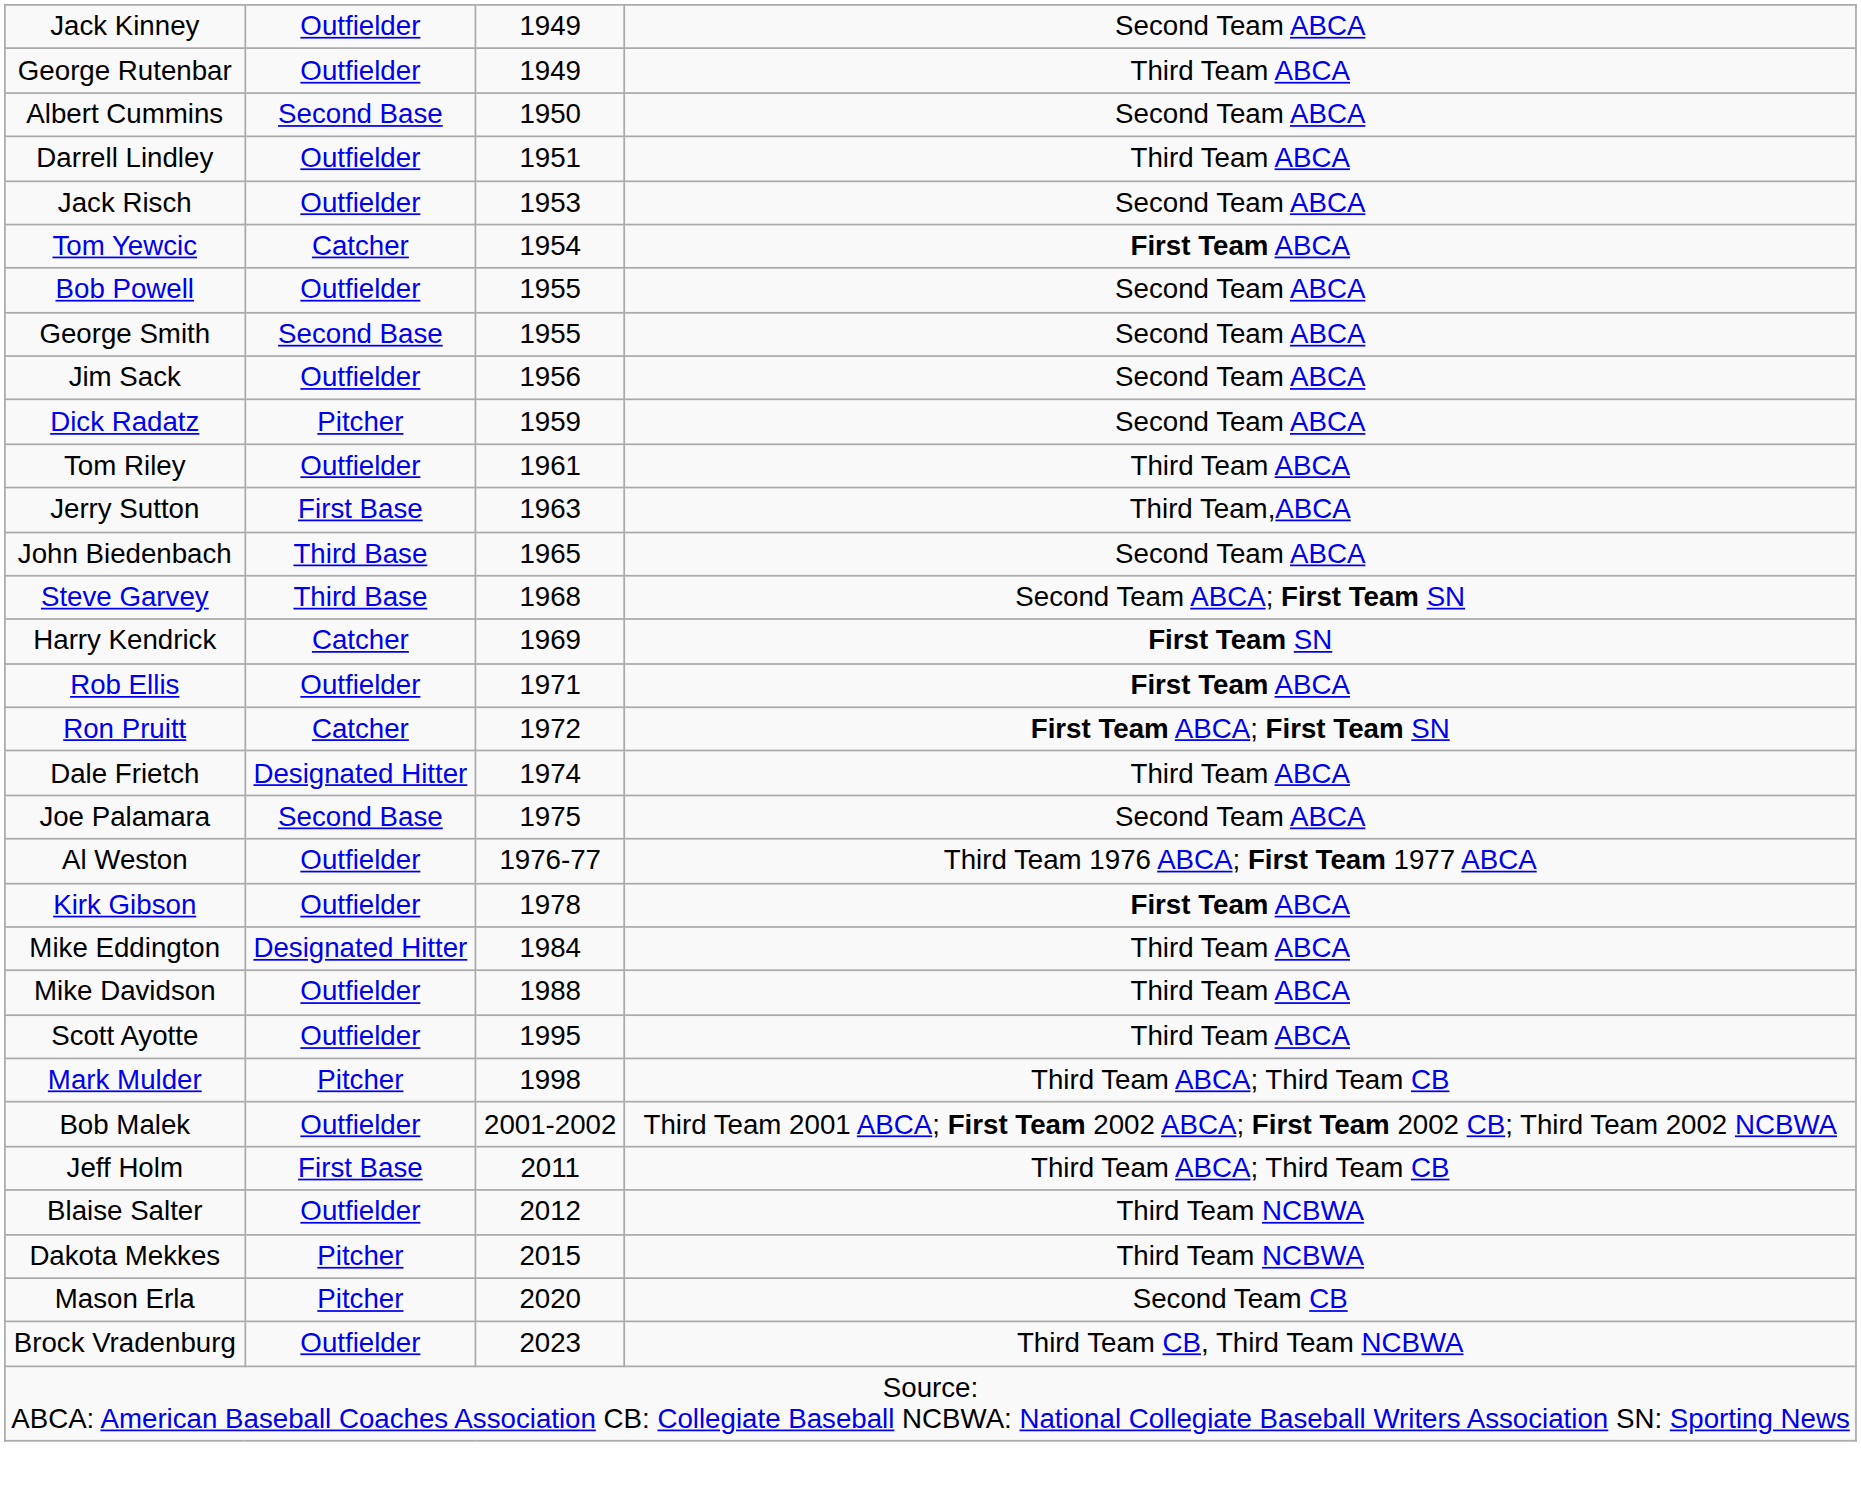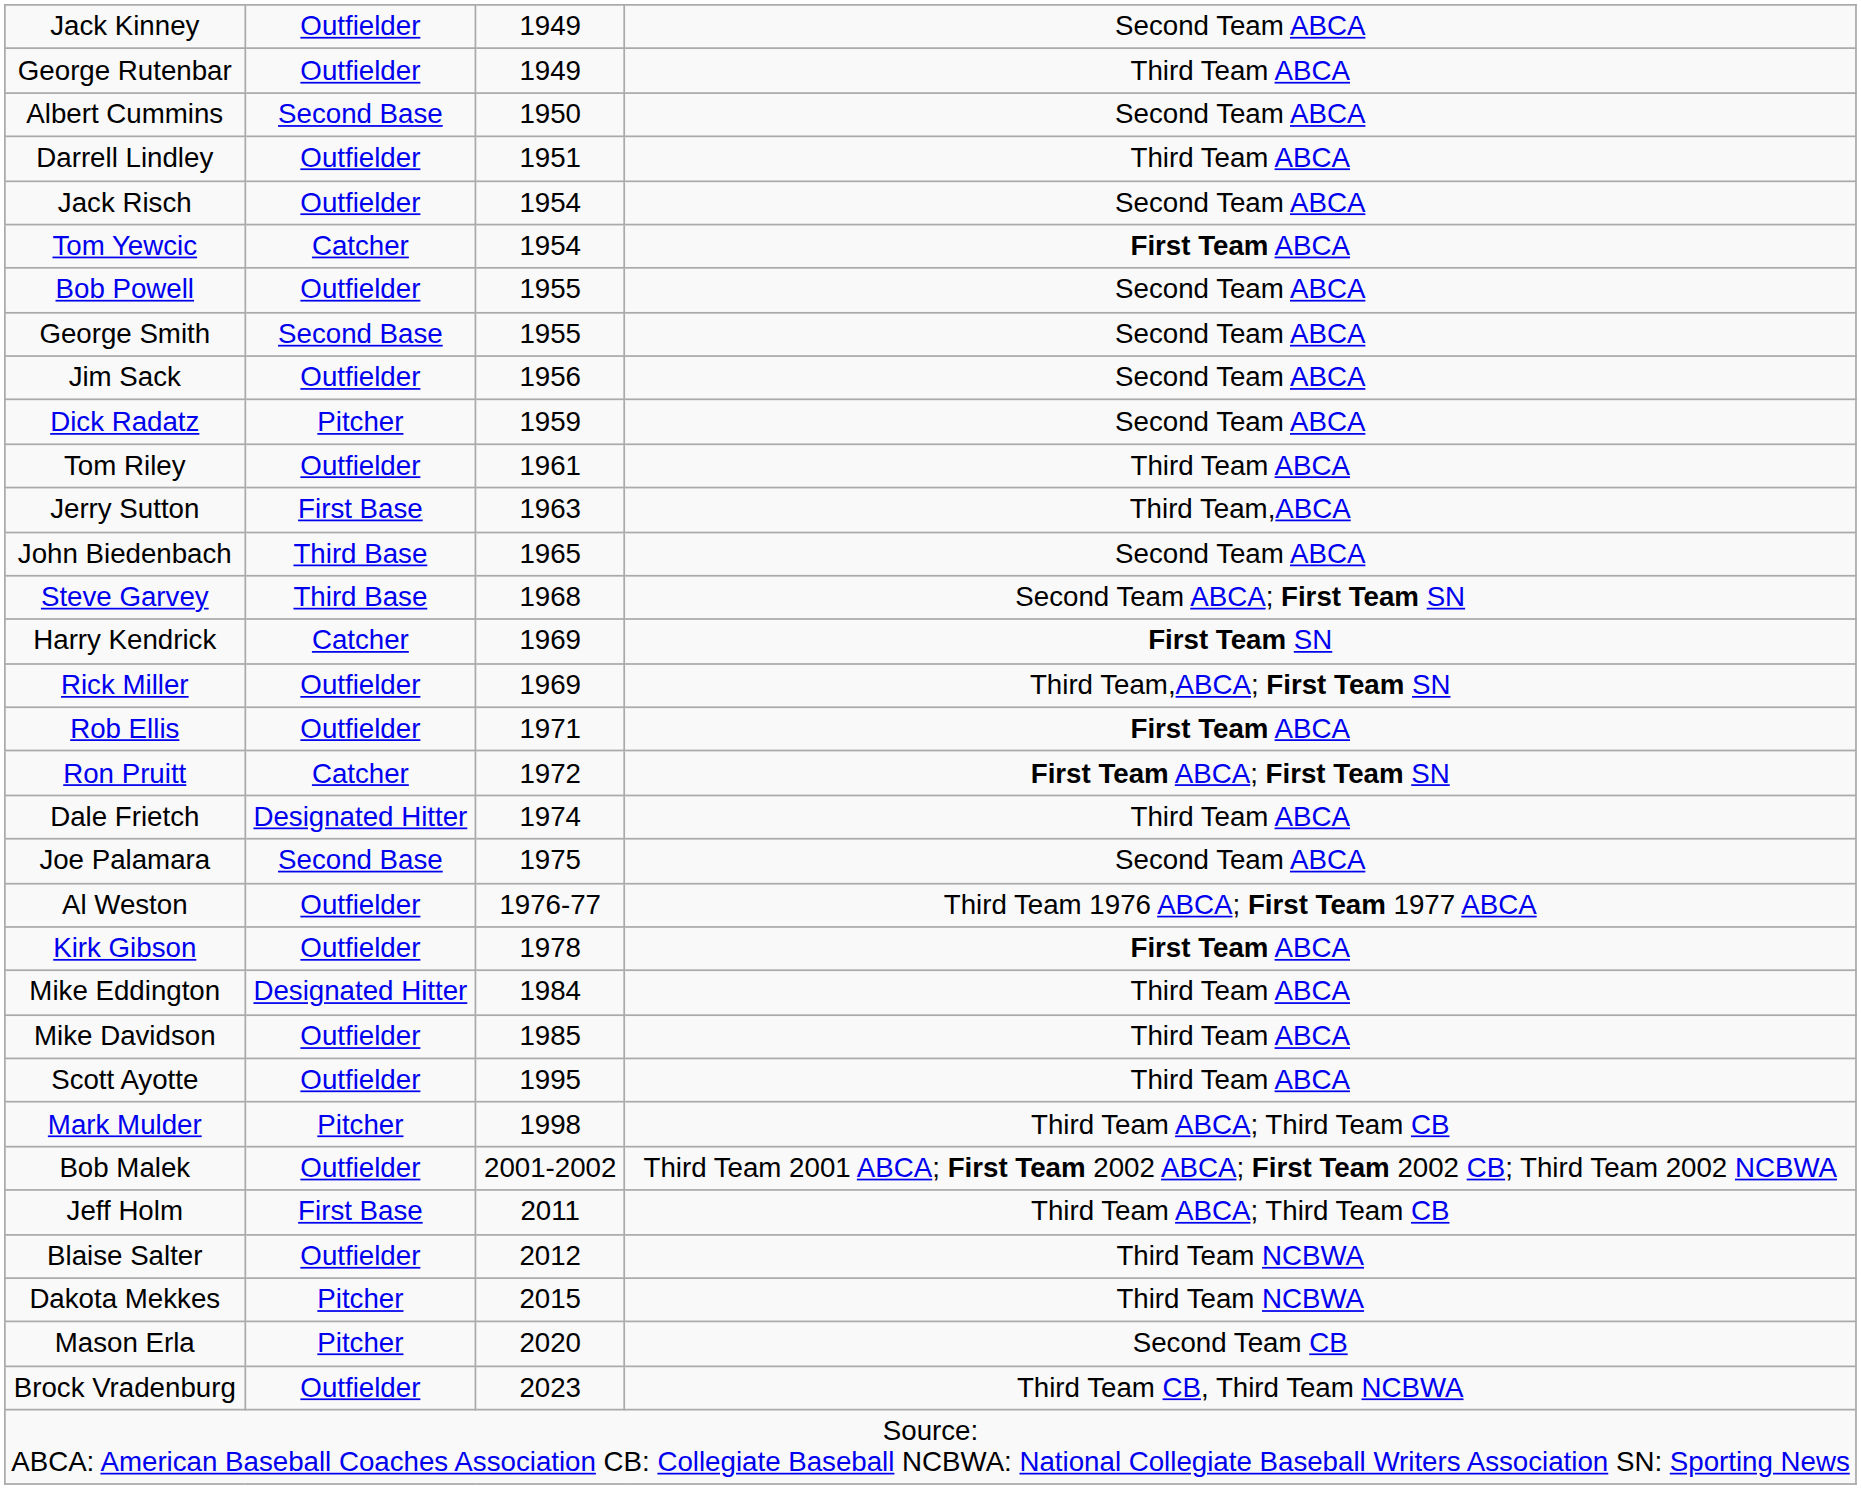 <table class="wikitable" style="text-align:center;">
 <tr style="text-align:center;">
 <td>Jack Kinney</td>
 <td><a href='#'>Outfielder</a></td>
 <td>1949</td>
 <td>Second Team <a href='#'>ABCA</a></td>
 </tr>
 <tr style="text-align:center;">
 <td>George Rutenbar</td>
 <td><a href='#'>Outfielder</a></td>
 <td>1949</td>
 <td>Third Team <a href='#'>ABCA</a></td>
 </tr>
 <tr style="text-align:center;">
 <td>Albert Cummins</td>
 <td><a href='#'>Second Base</a></td>
 <td>1950</td>
 <td>Second Team <a href='#'>ABCA</a></td>
 </tr>
 <tr style="text-align:center;">
 <td>Darrell Lindley</td>
 <td><a href='#'>Outfielder</a></td>
 <td>1951</td>
 <td>Third Team <a href='#'>ABCA</a></td>
 </tr>
 <tr style="text-align:center;">
 <td>Jack Risch</td>
 <td><a href='#'>Outfielder</a></td>
-<td>1953</td>
+<td>1954</td>
 <td>Second Team <a href='#'>ABCA</a></td>
 </tr>
 <tr style="text-align:center;">
 <td><a href='#'>Tom Yewcic</a></td>
 <td><a href='#'>Catcher</a></td>
 <td>1954</td>
 <td><strong>First Team</strong> <a href='#'>ABCA</a></td>
 </tr>
 <tr style="text-align:center;">
 <td><a href='#'>Bob Powell</a></td>
 <td><a href='#'>Outfielder</a></td>
 <td>1955</td>
 <td>Second Team <a href='#'>ABCA</a></td>
 </tr>
 <tr style="text-align:center;">
 <td>George Smith</td>
 <td><a href='#'>Second Base</a></td>
 <td>1955</td>
 <td>Second Team <a href='#'>ABCA</a></td>
 </tr>
 <tr style="text-align:center;">
 <td>Jim Sack</td>
 <td><a href='#'>Outfielder</a></td>
 <td>1956</td>
 <td>Second Team <a href='#'>ABCA</a></td>
 </tr>
 <tr style="text-align:center;">
 <td><a href='#'>Dick Radatz</a></td>
 <td><a href='#'>Pitcher</a></td>
 <td>1959</td>
 <td>Second Team <a href='#'>ABCA</a></td>
 </tr>
 <tr style="text-align:center;">
 <td>Tom Riley</td>
 <td><a href='#'>Outfielder</a></td>
 <td>1961</td>
 <td>Third Team <a href='#'>ABCA</a></td>
 </tr>
 <tr style="text-align:center;">
 <td>Jerry Sutton</td>
 <td><a href='#'>First Base</a></td>
 <td>1963</td>
 <td>Third Team,<a href='#'>ABCA</a></td>
 </tr>
 <tr style="text-align:center;">
 <td>John Biedenbach</td>
 <td><a href='#'>Third Base</a></td>
 <td>1965</td>
 <td>Second Team <a href='#'>ABCA</a></td>
 </tr>
 <tr style="text-align:center;">
 <td><a href='#'>Steve Garvey</a></td>
 <td><a href='#'>Third Base</a></td>
 <td>1968</td>
 <td>Second Team <a href='#'>ABCA</a>; <strong>First Team</strong> <a href='#'>SN</a></td>
 </tr>
 <tr style="text-align:center;">
 <td>Harry Kendrick</td>
 <td><a href='#'>Catcher</a></td>
 <td>1969</td>
 <td><strong>First Team</strong> <a href='#'>SN</a></td>
 </tr>
 <tr style="text-align:center;">
+<td><a href='#'>Rick Miller</a></td>
+<td><a href='#'>Outfielder</a></td>
+<td>1969</td>
+<td>Third Team,<a href='#'>ABCA</a>; <strong>First Team</strong> <a href='#'>SN</a></td>
+</tr>
+<tr style="text-align:center;">
 <td><a href='#'>Rob Ellis</a></td>
 <td><a href='#'>Outfielder</a></td>
 <td>1971</td>
 <td><strong>First Team</strong> <a href='#'>ABCA</a></td>
 </tr>
 <tr style="text-align:center;">
 <td><a href='#'>Ron Pruitt</a></td>
 <td><a href='#'>Catcher</a></td>
 <td>1972</td>
 <td><strong>First Team</strong> <a href='#'>ABCA</a>; <strong>First Team</strong> <a href='#'>SN</a></td>
 </tr>
 <tr style="text-align:center;">
 <td>Dale Frietch</td>
 <td><a href='#'>Designated Hitter</a></td>
 <td>1974</td>
 <td>Third Team <a href='#'>ABCA</a></td>
 </tr>
 <tr style="text-align:center;">
 <td>Joe Palamara</td>
 <td><a href='#'>Second Base</a></td>
 <td>1975</td>
 <td>Second Team <a href='#'>ABCA</a></td>
 </tr>
 <tr style="text-align:center;">
 <td>Al Weston</td>
 <td><a href='#'>Outfielder</a></td>
 <td>1976-77</td>
 <td>Third Team 1976 <a href='#'>ABCA</a>; <strong>First Team</strong> 1977 <a href='#'>ABCA</a></td>
 </tr>
 <tr style="text-align:center;">
 <td><a href='#'>Kirk Gibson</a></td>
 <td><a href='#'>Outfielder</a></td>
 <td>1978</td>
 <td><strong>First Team</strong> <a href='#'>ABCA</a></td>
 </tr>
 <tr style="text-align:center;">
 <td>Mike Eddington</td>
 <td><a href='#'>Designated Hitter</a></td>
 <td>1984</td>
 <td>Third Team <a href='#'>ABCA</a></td>
 </tr>
 <tr style="text-align:center;">
 <td>Mike Davidson</td>
 <td><a href='#'>Outfielder</a></td>
-<td>1988</td>
+<td>1985</td>
 <td>Third Team <a href='#'>ABCA</a></td>
 </tr>
 <tr style="text-align:center;">
 <td>Scott Ayotte</td>
 <td><a href='#'>Outfielder</a></td>
 <td>1995</td>
 <td>Third Team <a href='#'>ABCA</a></td>
 </tr>
 <tr style="text-align:center;">
 <td><a href='#'>Mark Mulder</a></td>
 <td><a href='#'>Pitcher</a></td>
 <td>1998</td>
 <td>Third Team <a href='#'>ABCA</a>; Third Team <a href='#'>CB</a></td>
 </tr>
 <tr style="text-align:center;">
 <td>Bob Malek</td>
 <td><a href='#'>Outfielder</a></td>
 <td>2001-2002</td>
 <td>Third Team 2001 <a href='#'>ABCA</a>; <strong>First Team</strong> 2002 <a href='#'>ABCA</a>; <strong>First Team</strong> 2002 <a href='#'>CB</a>; Third Team 2002 <a href='#'>NCBWA</a></td>
 </tr>
 <tr style="text-align:center;">
 <td>Jeff Holm</td>
 <td><a href='#'>First Base</a></td>
 <td>2011</td>
 <td>Third Team <a href='#'>ABCA</a>; Third Team <a href='#'>CB</a></td>
 </tr>
 <tr style="text-align:center;">
 <td>Blaise Salter</td>
 <td><a href='#'>Outfielder</a></td>
 <td>2012</td>
 <td>Third Team <a href='#'>NCBWA</a></td>
 </tr>
 <tr style="text-align:center;">
 <td>Dakota Mekkes</td>
 <td><a href='#'>Pitcher</a></td>
 <td>2015</td>
 <td>Third Team <a href='#'>NCBWA</a></td>
 </tr>
 <tr style="text-align:center;">
 <td>Mason Erla</td>
 <td><a href='#'>Pitcher</a></td>
 <td>2020</td>
 <td>Second Team <a href='#'>CB</a></td>
 </tr>
 <tr style="text-align:center;">
 <td>Brock Vradenburg</td>
 <td><a href='#'>Outfielder</a></td>
 <td>2023</td>
 <td>Third Team <a href='#'>CB</a>, Third Team <a href='#'>NCBWA</a></td>
 </tr>
 <tr style="text-align:center;">
 <td colspan=4>Source:<br>ABCA: <a href='#'>American Baseball Coaches Association</a> CB: <a href='#'>Collegiate Baseball</a> NCBWA: <a href='#'>National Collegiate Baseball Writers Association</a> SN: <a href='#'>Sporting News</a></td>
 </tr>
 </table>
